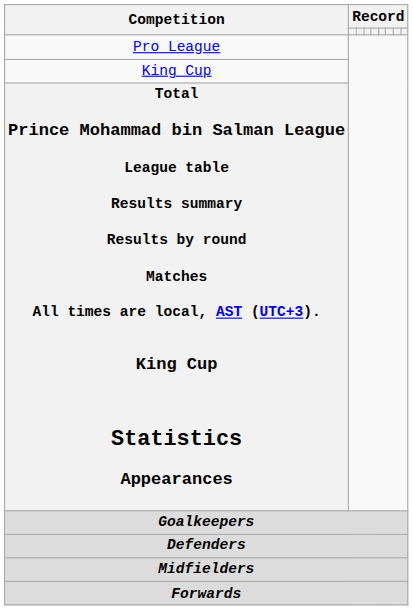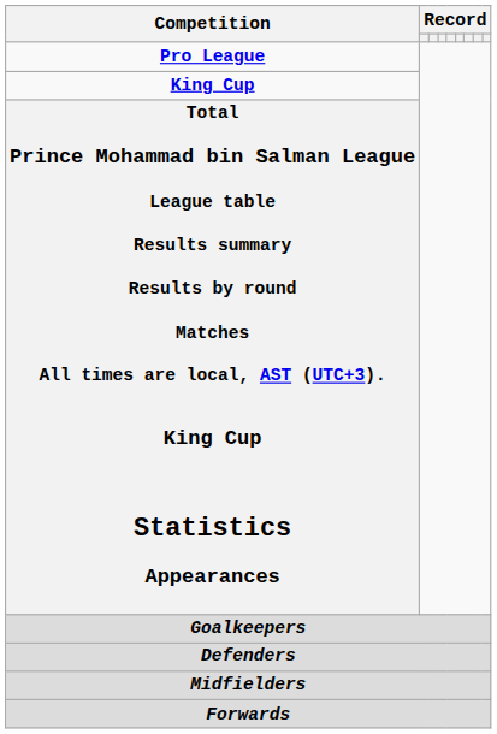 <table class="wikitable" style="text-align: center">
 <tr>
 <th rowspan=2>Competition</th>
 <th colspan=8>Record</th>
 </tr>
 <tr>
 <th></th>
 <th></th>
 <th></th>
 <th></th>
 <th></th>
 <th></th>
 <th></th>
 <th></th>
 </tr>
 <tr>
-<td><a href='#'>Pro League</a><br></td>
+<td><strong><a href='#'>Pro League</a><br></strong></td>
 </tr>
 <tr>
-<td><a href='#'>King Cup</a><br></td>
+<td><strong><a href='#'>King Cup</a><br></strong></td>
 </tr>
 <tr>
 <th>Total<br> <h3>Prince Mohammad bin Salman League</h3><h4>League table</h4><h4>Results summary</h4> <h4>Results by round</h4><h4>Matches</h4>All times are local, <a href='#'>AST</a> (<a href='#'>UTC+3</a>).<br>   <br>                                     <h3>King Cup</h3><br><h2>Statistics</h2><h3>Appearances</h3></th>
 </tr>
 <tr>
 <th colspan=14 style=background:#dcdcdc; text-align:center><em>Goalkeepers</em><br>  </th>
 </tr>
 <tr>
 <th colspan=14 style=background:#dcdcdc; text-align:center><em>Defenders</em><br>        </th>
 </tr>
 <tr>
 <th colspan=14 style=background:#dcdcdc; text-align:center><em>Midfielders</em><br>            </th>
 </tr>
 <tr>
 <th colspan=14 style=background:#dcdcdc; text-align:center><em>Forwards</em><br>    </th>
 </tr>
 </table>
